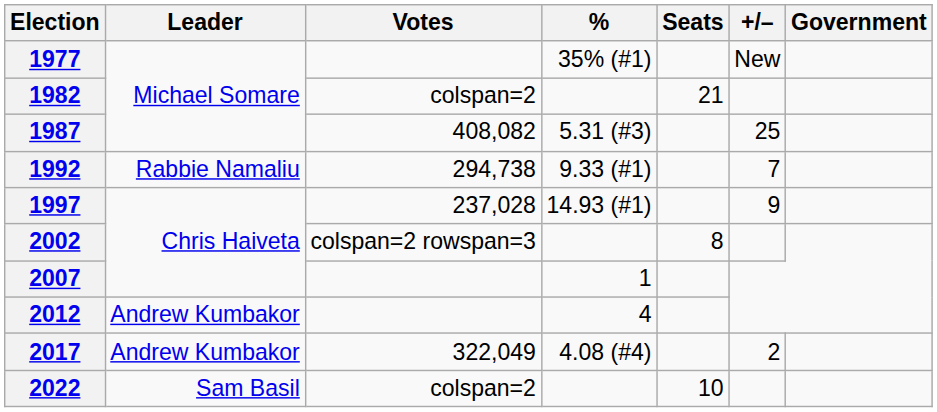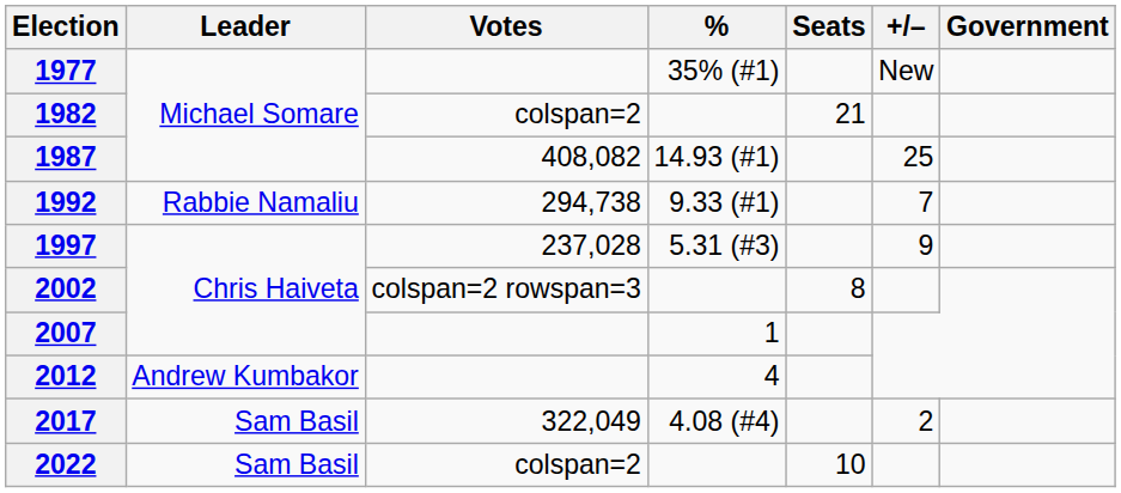 <table class="wikitable" style="text-align:right">
 <tr>
 <th>Election</th>
 <th>Leader</th>
 <th>Votes</th>
 <th>%</th>
 <th>Seats</th>
 <th>+/–</th>
 <th>Government</th>
 </tr>
 <tr>
 <th><a href='#'>1977</a></th>
 <td rowspan=3><a href='#'>Michael Somare</a></td>
 <td></td>
 <td>35% (#1)</td>
 <td></td>
 <td>New</td>
 <td></td>
 </tr>
 <tr>
 <th><a href='#'>1982</a></th>
 <td>colspan=2 </td>
 <td></td>
 <td> 21</td>
 <td></td>
 </tr>
 <tr>
 <th><a href='#'>1987</a></th>
 <td>408,082</td>
-<td>5.31 (#3)</td>
+<td>14.93 (#1)</td>
 <td></td>
 <td> 25</td>
 <td></td>
 </tr>
 <tr>
 <th><a href='#'>1992</a></th>
 <td rowspan=1><a href='#'>Rabbie Namaliu</a></td>
 <td>294,738</td>
 <td>9.33 (#1)</td>
 <td></td>
 <td> 7</td>
 <td></td>
 </tr>
 <tr>
 <th><a href='#'>1997</a></th>
 <td rowspan=3><a href='#'>Chris Haiveta</a></td>
 <td>237,028</td>
-<td>14.93 (#1)</td>
+<td>5.31 (#3)</td>
 <td></td>
 <td> 9</td>
 <td></td>
 </tr>
 <tr>
 <th><a href='#'>2002</a></th>
 <td>colspan=2 rowspan=3 </td>
 <td></td>
 <td> 8</td>
 <td></td>
 </tr>
 <tr>
 <th><a href='#'>2007</a></th>
 <td></td>
 <td> 1</td>
 <td></td>
 </tr>
 <tr>
 <th><a href='#'>2012</a></th>
 <td rowspan=1><a href='#'>Andrew Kumbakor</a></td>
 <td></td>
 <td> 4</td>
 <td></td>
 </tr>
 <tr>
 <th><a href='#'>2017</a></th>
-<td rowspan=1><a href='#'>Andrew Kumbakor</a></td>
+<td rowspan=1><a href='#'>Sam Basil</a></td>
 <td>322,049</td>
 <td>4.08 (#4)</td>
 <td></td>
 <td> 2</td>
 <td></td>
 </tr>
 <tr>
 <th><a href='#'>2022</a></th>
 <td rowspan=1><a href='#'>Sam Basil</a></td>
 <td>colspan=2 </td>
 <td></td>
 <td> 10</td>
 <td></td>
 </tr>
 </table>
